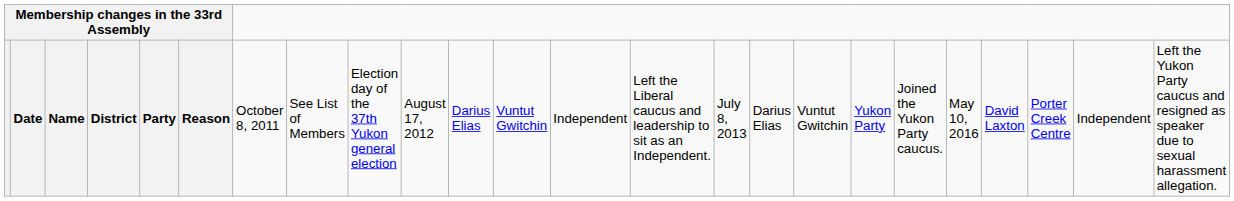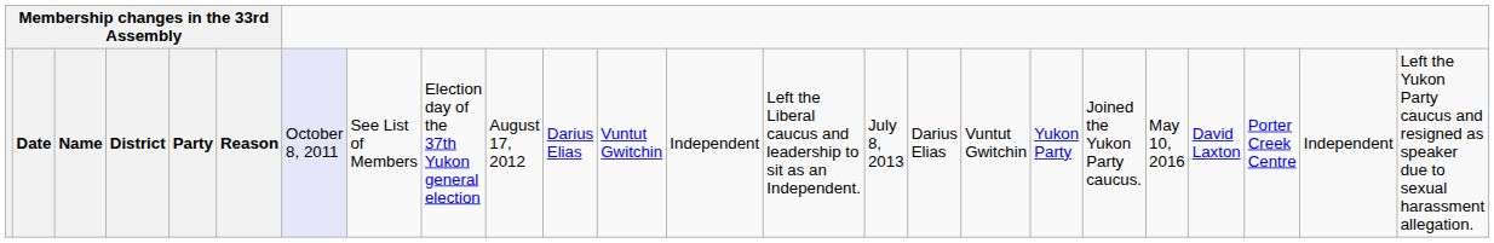 <table class="wikitable">
 <tr>
 <th colspan=6>Membership changes in the 33rd Assembly</th>
 </tr>
 <tr>
 <th></th>
 <th>Date</th>
 <th>Name</th>
 <th>District</th>
 <th>Party</th>
 <th>Reason<br></th>
-<td>October 8, 2011</td>
+<td style="background: lavender;">October 8, 2011</td>
 <td colspan=3>See List of Members</td>
 <td>Election day of the <a href='#'>37th Yukon general election</a><br></td>
 <td>August 17, 2012</td>
 <td><a href='#'>Darius Elias</a></td>
 <td><a href='#'>Vuntut Gwitchin</a></td>
 <td>Independent</td>
 <td>Left the Liberal caucus and leadership to sit as an Independent.<br></td>
 <td>July 8, 2013</td>
 <td>Darius Elias</td>
 <td>Vuntut Gwitchin</td>
 <td><a href='#'>Yukon Party</a></td>
 <td>Joined the Yukon Party caucus.<br></td>
 <td>May 10, 2016</td>
 <td><a href='#'>David Laxton</a></td>
 <td><a href='#'>Porter Creek Centre</a></td>
 <td>Independent</td>
 <td>Left the Yukon Party caucus and resigned as speaker due to sexual harassment allegation.</td>
 </tr>
 </table>
